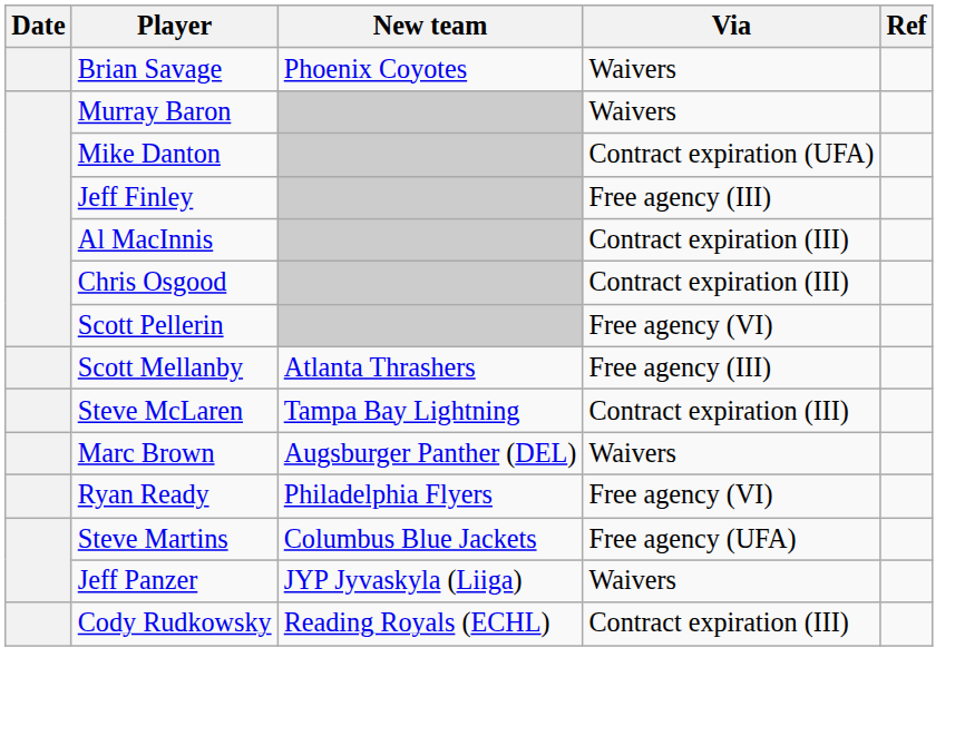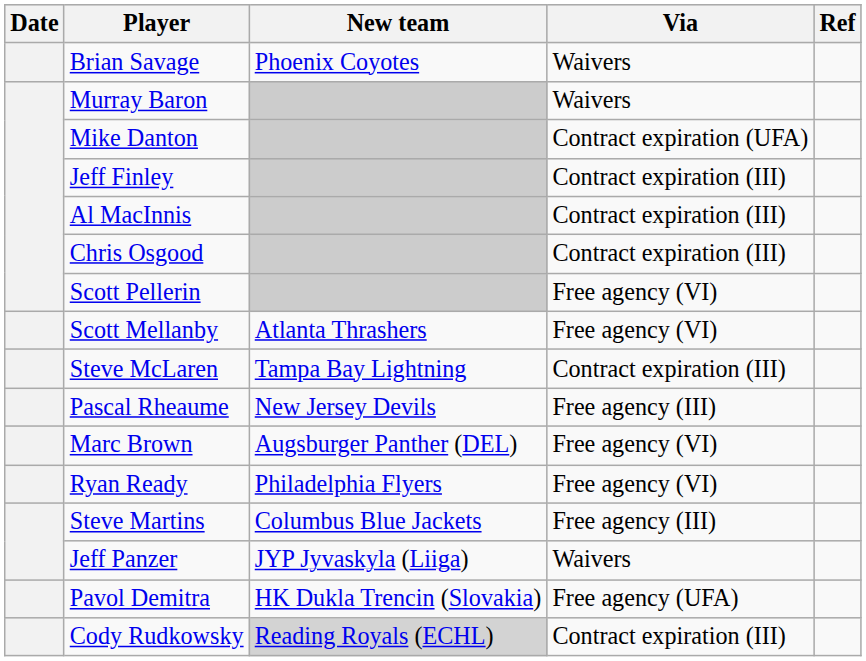 <table class="wikitable plainrowheaders">
 <tr style="background:#ddd; text-align:center;">
 <th>Date</th>
 <th>Player</th>
 <th>New team</th>
 <th>Via</th>
 <th>Ref</th>
 </tr>
 <tr>
 <th scope="row"></th>
 <td><a href='#'>Brian Savage</a></td>
 <td><a href='#'>Phoenix Coyotes</a></td>
 <td>Waivers</td>
 <td></td>
 </tr>
 <tr>
 <th scope="row" rowspan=6></th>
 <td><a href='#'>Murray Baron</a></td>
 <td style="background:#ccc"></td>
 <td>Waivers</td>
 <td></td>
 </tr>
 <tr>
 <td><a href='#'>Mike Danton</a></td>
 <td style="background:#ccc"></td>
 <td>Contract expiration (UFA)</td>
 <td></td>
 </tr>
 <tr>
 <td><a href='#'>Jeff Finley</a></td>
 <td style="background:#ccc"></td>
-<td>Free agency (III)</td>
+<td>Contract expiration (III)</td>
 <td></td>
 </tr>
 <tr>
 <td><a href='#'>Al MacInnis</a></td>
 <td style="background:#ccc"></td>
 <td>Contract expiration (III)</td>
 <td></td>
 </tr>
 <tr>
 <td><a href='#'>Chris Osgood</a></td>
 <td style="background:#ccc"></td>
 <td>Contract expiration (III)</td>
 <td></td>
 </tr>
 <tr>
 <td><a href='#'>Scott Pellerin</a></td>
 <td style="background:#ccc"></td>
 <td>Free agency (VI)</td>
 <td></td>
 </tr>
 <tr>
 <th scope="row"></th>
 <td><a href='#'>Scott Mellanby</a></td>
 <td><a href='#'>Atlanta Thrashers</a></td>
-<td>Free agency (III)</td>
+<td>Free agency (VI)</td>
 <td></td>
 </tr>
 <tr>
 <th scope="row"></th>
 <td><a href='#'>Steve McLaren</a></td>
 <td><a href='#'>Tampa Bay Lightning</a></td>
 <td>Contract expiration (III)</td>
 <td></td>
 </tr>
 <tr>
 <th scope="row"></th>
+<td><a href='#'>Pascal Rheaume</a></td>
+<td><a href='#'>New Jersey Devils</a></td>
+<td>Free agency (III)</td>
+<td></td>
+</tr>
+<tr>
+<th scope="row"></th>
 <td><a href='#'>Marc Brown</a></td>
 <td><a href='#'>Augsburger Panther</a> (<a href='#'>DEL</a>)</td>
-<td>Waivers</td>
+<td>Free agency (VI)</td>
 <td></td>
 </tr>
 <tr>
 <th scope="row"></th>
 <td><a href='#'>Ryan Ready</a></td>
 <td><a href='#'>Philadelphia Flyers</a></td>
 <td>Free agency (VI)</td>
 <td></td>
 </tr>
 <tr>
 <th scope="row" rowspan=2></th>
 <td><a href='#'>Steve Martins</a></td>
 <td><a href='#'>Columbus Blue Jackets</a></td>
-<td>Free agency (UFA)</td>
+<td>Free agency (III)</td>
 <td></td>
 </tr>
 <tr>
 <td><a href='#'>Jeff Panzer</a></td>
 <td><a href='#'>JYP Jyvaskyla</a> (<a href='#'>Liiga</a>)</td>
 <td>Waivers</td>
 <td></td>
 </tr>
 <tr>
 <th scope="row"></th>
+<td><a href='#'>Pavol Demitra</a></td>
+<td><a href='#'>HK Dukla Trencin</a> (<a href='#'>Slovakia</a>)</td>
+<td>Free agency (UFA)</td>
+<td></td>
+</tr>
+<tr>
+<th scope="row"></th>
 <td><a href='#'>Cody Rudkowsky</a></td>
-<td><a href='#'>Reading Royals</a> (<a href='#'>ECHL</a>)</td>
+<td style="background: lightgrey;"><a href='#'>Reading Royals</a> (<a href='#'>ECHL</a>)</td>
 <td>Contract expiration (III)</td>
 <td></td>
 </tr>
 </table>
